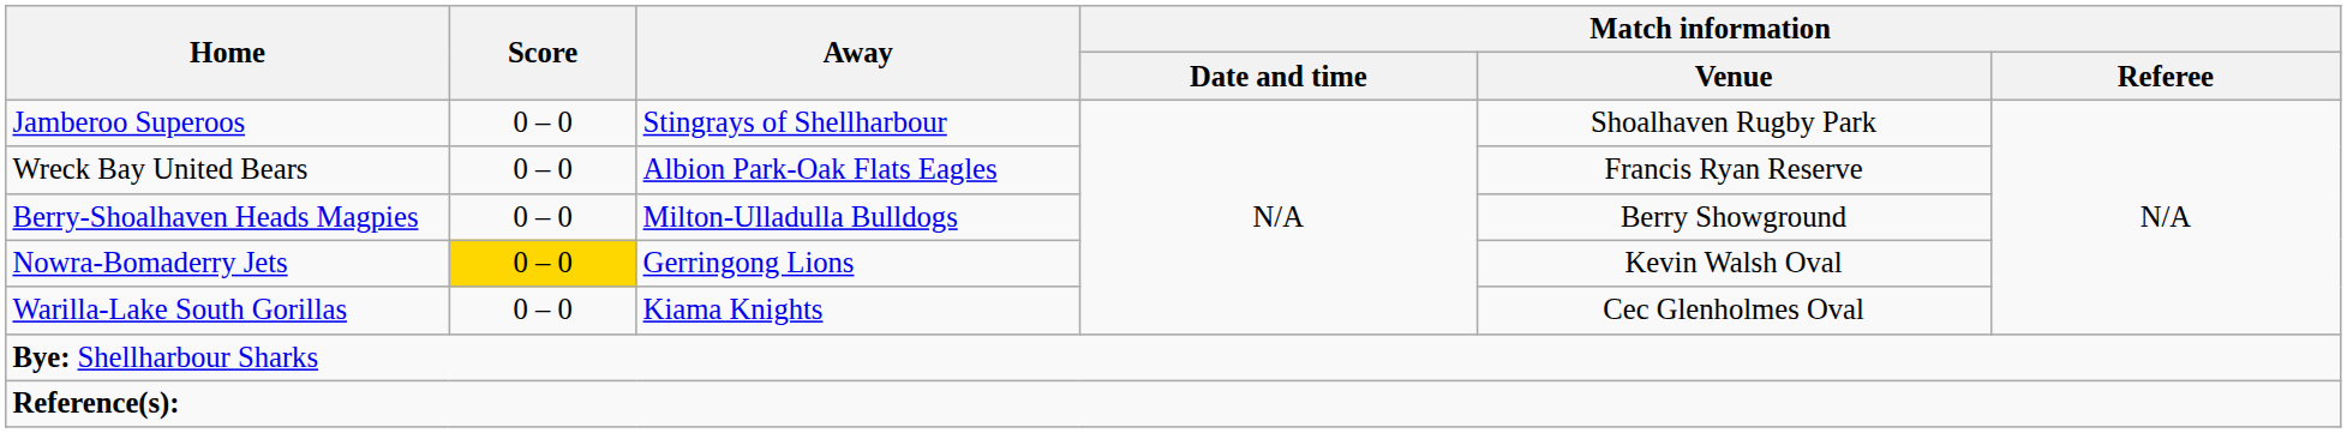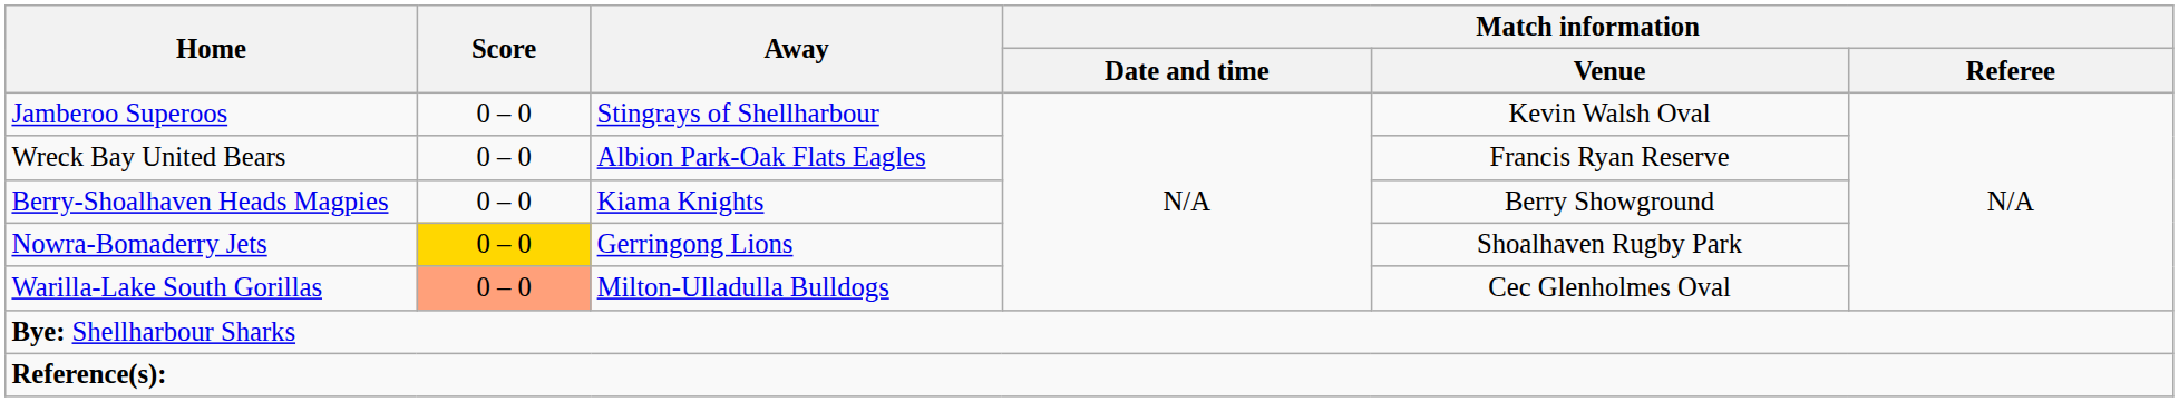 <table class="wikitable" width="100% text-align:center;">
 <tr>
 <th rowspan="2" width="19%">Home</th>
 <th rowspan="2" width="8%">Score</th>
 <th rowspan="2" width="19%">Away</th>
 <th colspan="3">Match information</th>
 </tr>
 <tr bgcolor="#CCCCCC">
 <th width="17%">Date and time</th>
 <th width="22%">Venue</th>
 <th>Referee</th>
 </tr>
 <tr>
 <td> <a href='#'>Jamberoo Superoos</a></td>
 <td style="text-align:center;">0 – 0</td>
 <td> <a href='#'>Stingrays of Shellharbour</a></td>
 <td rowspan="5" style="text-align:center;">N/A</td>
-<td style="text-align:center;">Shoalhaven Rugby Park</td>
+<td style="text-align:center;">Kevin Walsh Oval</td>
 <td rowspan="5" style="text-align:center;">N/A</td>
 </tr>
 <tr>
 <td> Wreck Bay United Bears</td>
 <td style="text-align:center;">0 – 0</td>
 <td> <a href='#'>Albion Park-Oak Flats Eagles</a></td>
 <td style="text-align:center;">Francis Ryan Reserve</td>
 </tr>
 <tr>
 <td> <a href='#'>Berry-Shoalhaven Heads Magpies</a></td>
 <td style="text-align:center;">0 – 0</td>
-<td> <a href='#'>Milton-Ulladulla Bulldogs</a></td>
+<td> <a href='#'>Kiama Knights</a></td>
 <td style="text-align:center;">Berry Showground</td>
 </tr>
 <tr>
 <td> <a href='#'>Nowra-Bomaderry Jets</a></td>
 <td style="background: gold; text-align:center;">0 – 0</td>
 <td> <a href='#'>Gerringong Lions</a></td>
-<td style="text-align:center;">Kevin Walsh Oval</td>
+<td style="text-align:center;">Shoalhaven Rugby Park</td>
 </tr>
 <tr>
 <td> <a href='#'>Warilla-Lake South Gorillas</a></td>
-<td style="text-align:center;">0 – 0</td>
-<td> <a href='#'>Kiama Knights</a></td>
+<td style="background: lightsalmon; text-align:center;">0 – 0</td>
+<td> <a href='#'>Milton-Ulladulla Bulldogs</a></td>
 <td style="text-align:center;">Cec Glenholmes Oval</td>
 </tr>
 <tr>
 <td colspan="6"><strong>Bye:</strong>  <a href='#'>Shellharbour Sharks</a></td>
 </tr>
 <tr>
 <td colspan="6"><strong>Reference(s):</strong></td>
 </tr>
 </table>
